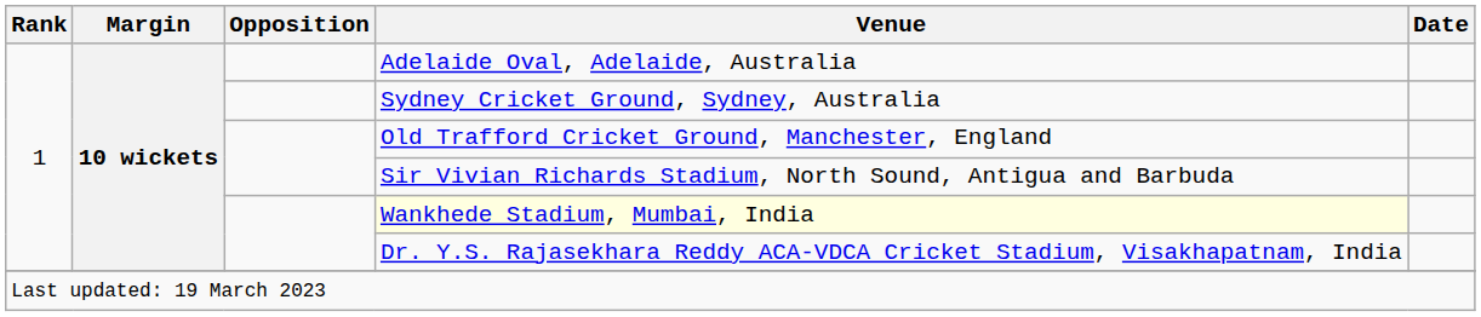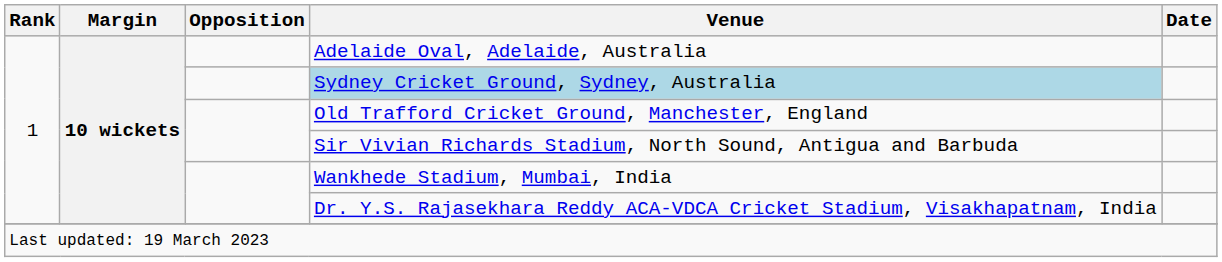 <table class="wikitable plainrowheaders sortable">
 <tr>
 <th scope=col>Rank</th>
 <th scope=col>Margin</th>
 <th scope=col>Opposition</th>
 <th scope=col>Venue</th>
 <th scope=col>Date</th>
 </tr>
 <tr>
 <td align=center rowspan=6>1</td>
 <th scope=row style=text-align:center; rowspan=6>10 wickets</th>
 <td></td>
 <td><a href='#'>Adelaide Oval</a>, <a href='#'>Adelaide</a>, Australia</td>
 <td><a href='#'></a></td>
 </tr>
 <tr>
 <td></td>
-<td><a href='#'>Sydney Cricket Ground</a>, <a href='#'>Sydney</a>, Australia</td>
+<td style="background: lightblue;"><a href='#'>Sydney Cricket Ground</a>, <a href='#'>Sydney</a>, Australia</td>
 <td><a href='#'></a></td>
 </tr>
 <tr>
 <td rowspan=2></td>
 <td><a href='#'>Old Trafford Cricket Ground</a>, <a href='#'>Manchester</a>, England</td>
 <td><a href='#'></a></td>
 </tr>
 <tr>
 <td><a href='#'>Sir Vivian Richards Stadium</a>, North Sound, Antigua and Barbuda</td>
 <td><a href='#'></a></td>
 </tr>
 <tr>
 <td rowspan=2></td>
-<td style="background: lightyellow;"><a href='#'>Wankhede Stadium</a>, <a href='#'>Mumbai</a>, India</td>
+<td><a href='#'>Wankhede Stadium</a>, <a href='#'>Mumbai</a>, India</td>
 <td><a href='#'></a></td>
 </tr>
 <tr>
 <td><a href='#'>Dr. Y.S. Rajasekhara Reddy ACA-VDCA Cricket Stadium</a>, <a href='#'>Visakhapatnam</a>, India</td>
 <td><a href='#'></a></td>
 </tr>
 <tr>
 </tr>
 <tr class=sortbottom>
 <td colspan=5><small>Last updated: 19 March 2023</small></td>
 </tr>
 </table>
